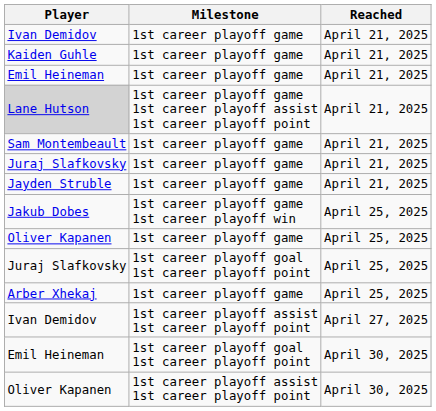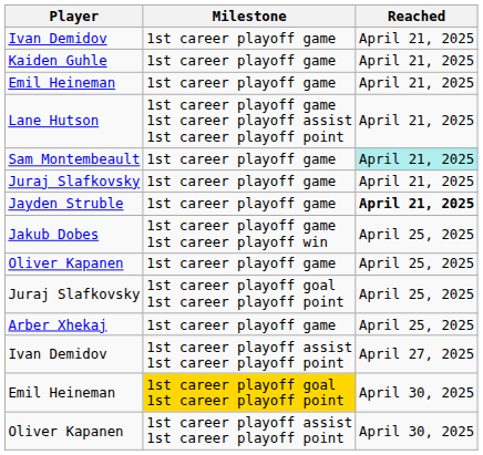 <table class="wikitable sortable">
 <tr align=center>
 <th>Player</th>
 <th>Milestone</th>
 <th data-sort-type="date">Reached</th>
 </tr>
 <tr>
 <td><a href='#'>Ivan Demidov</a></td>
 <td>1st career playoff game</td>
 <td>April 21, 2025</td>
 </tr>
 <tr>
 <td><a href='#'>Kaiden Guhle</a></td>
 <td>1st career playoff game</td>
 <td>April 21, 2025</td>
 </tr>
 <tr>
 <td><a href='#'>Emil Heineman</a></td>
 <td>1st career playoff game</td>
 <td>April 21, 2025</td>
 </tr>
 <tr>
-<td style="background: lightgrey;"><a href='#'>Lane Hutson</a></td>
+<td><a href='#'>Lane Hutson</a></td>
 <td>1st career playoff game<br>1st career playoff assist<br>1st career playoff point</td>
 <td>April 21, 2025</td>
 </tr>
 <tr>
 <td><a href='#'>Sam Montembeault</a></td>
 <td>1st career playoff game</td>
-<td>April 21, 2025</td>
+<td style="background: paleturquoise;">April 21, 2025</td>
 </tr>
 <tr>
 <td><a href='#'>Juraj Slafkovsky</a></td>
 <td>1st career playoff game</td>
 <td>April 21, 2025</td>
 </tr>
 <tr>
 <td><a href='#'>Jayden Struble</a></td>
 <td>1st career playoff game</td>
-<td>April 21, 2025</td>
+<td><strong>April 21, 2025</strong></td>
 </tr>
 <tr>
 <td><a href='#'>Jakub Dobes</a></td>
 <td>1st career playoff game<br>1st career playoff win</td>
 <td>April 25, 2025</td>
 </tr>
 <tr>
 <td><a href='#'>Oliver Kapanen</a></td>
 <td>1st career playoff game</td>
 <td>April 25, 2025</td>
 </tr>
 <tr>
 <td>Juraj Slafkovsky</td>
 <td>1st career playoff goal<br>1st career playoff point</td>
 <td>April 25, 2025</td>
 </tr>
 <tr>
 <td><a href='#'>Arber Xhekaj</a></td>
 <td>1st career playoff game</td>
 <td>April 25, 2025</td>
 </tr>
 <tr>
 <td>Ivan Demidov</td>
 <td>1st career playoff assist<br>1st career playoff point</td>
 <td>April 27, 2025</td>
 </tr>
 <tr>
 <td>Emil Heineman</td>
-<td>1st career playoff goal<br>1st career playoff point</td>
+<td style="background: gold;">1st career playoff goal<br>1st career playoff point</td>
 <td>April 30, 2025</td>
 </tr>
 <tr>
 <td>Oliver Kapanen</td>
 <td>1st career playoff assist<br>1st career playoff point</td>
 <td>April 30, 2025</td>
 </tr>
 </table>
